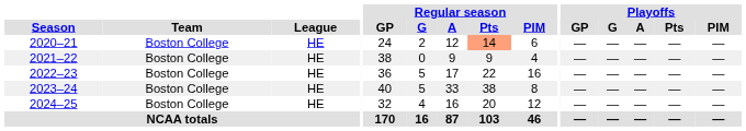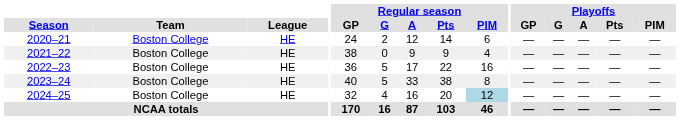 <table border="0" cellpadding="1" cellspacing="0" style="text-align:center; width:60em">
 <tr bgcolor="#e0e0e0">
 <th colspan="3" bgcolor="#ffffff"></th>
 <th rowspan="100" bgcolor="#ffffff"></th>
 <th colspan="5"><a href='#'>Regular season</a></th>
 <th rowspan="100" bgcolor="#ffffff"></th>
 <th colspan="5"><a href='#'>Playoffs</a></th>
 </tr>
 <tr bgcolor="#e0e0e0">
 <th><a href='#'>Season</a></th>
 <th>Team</th>
 <th>League</th>
 <th>GP</th>
 <th><a href='#'>G</a></th>
 <th><a href='#'>A</a></th>
 <th><a href='#'>Pts</a></th>
 <th><a href='#'>PIM</a></th>
 <th>GP</th>
 <th>G</th>
 <th>A</th>
 <th>Pts</th>
 <th>PIM</th>
 </tr>
 <tr>
 <td><a href='#'>2020–21</a></td>
 <td><a href='#'>Boston College</a></td>
 <td><a href='#'>HE</a></td>
 <td>24</td>
 <td>2</td>
 <td>12</td>
-<td style="background: lightsalmon;">14</td>
+<td>14</td>
 <td>6</td>
 <td>—</td>
 <td>—</td>
 <td>—</td>
 <td>—</td>
 <td>—</td>
 </tr>
 <tr bgcolor="#f0f0f0">
 <td><a href='#'>2021–22</a></td>
 <td>Boston College</td>
 <td>HE</td>
 <td>38</td>
 <td>0</td>
 <td>9</td>
 <td>9</td>
 <td>4</td>
 <td>—</td>
 <td>—</td>
 <td>—</td>
 <td>—</td>
 <td>—</td>
 </tr>
 <tr>
 <td><a href='#'>2022–23</a></td>
 <td>Boston College</td>
 <td>HE</td>
 <td>36</td>
 <td>5</td>
 <td>17</td>
 <td>22</td>
 <td>16</td>
 <td>—</td>
 <td>—</td>
 <td>—</td>
 <td>—</td>
 <td>—</td>
 </tr>
 <tr bgcolor="#f0f0f0">
 <td><a href='#'>2023–24</a></td>
 <td>Boston College</td>
 <td>HE</td>
 <td>40</td>
 <td>5</td>
 <td>33</td>
 <td>38</td>
 <td>8</td>
 <td>—</td>
 <td>—</td>
 <td>—</td>
 <td>—</td>
 <td>—</td>
 </tr>
 <tr>
 <td><a href='#'>2024–25</a></td>
 <td>Boston College</td>
 <td>HE</td>
 <td>32</td>
 <td>4</td>
 <td>16</td>
 <td>20</td>
-<td>12</td>
+<td style="background: lightblue;">12</td>
 <td>—</td>
 <td>—</td>
 <td>—</td>
 <td>—</td>
 <td>—</td>
 </tr>
 <tr bgcolor="#e0e0e0">
 <th colspan="3">NCAA totals</th>
 <th>170</th>
 <th>16</th>
 <th>87</th>
 <th>103</th>
 <th>46</th>
 <th>—</th>
 <th>—</th>
 <th>—</th>
 <th>—</th>
 <th>—</th>
 </tr>
 </table>
